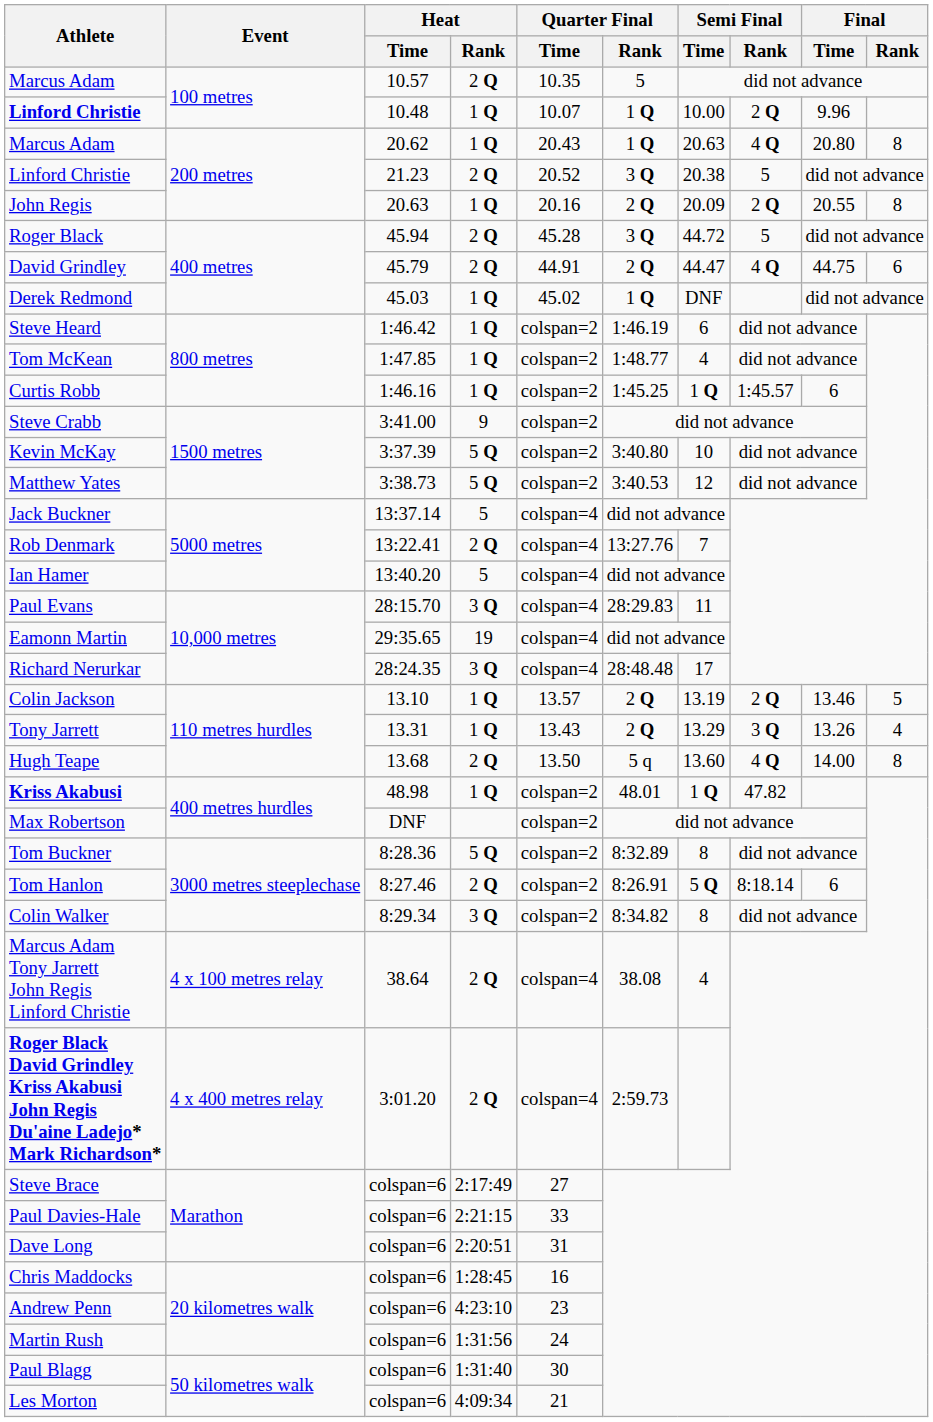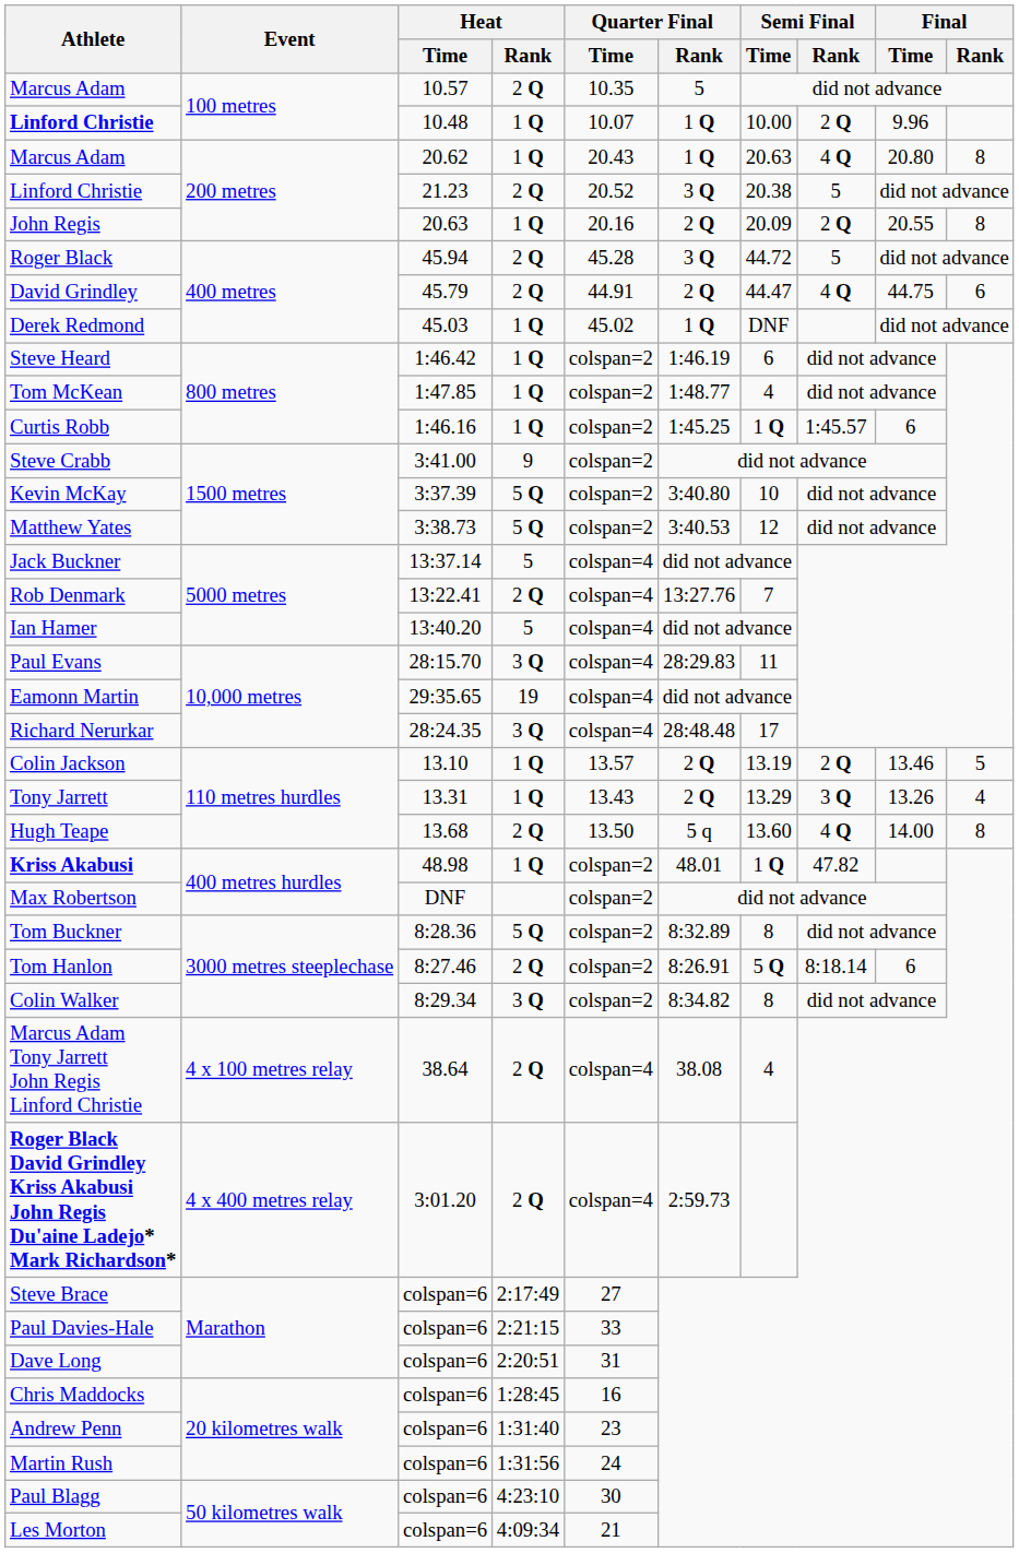 <table class=wikitable style="font-size:90%">
 <tr>
 <th rowspan="2">Athlete</th>
 <th rowspan="2">Event</th>
 <th colspan="2">Heat</th>
 <th colspan="2">Quarter Final</th>
 <th colspan="2">Semi Final</th>
 <th colspan="2">Final</th>
 </tr>
 <tr>
 <th>Time</th>
 <th>Rank</th>
 <th>Time</th>
 <th>Rank</th>
 <th>Time</th>
 <th>Rank</th>
 <th>Time</th>
 <th>Rank</th>
 </tr>
 <tr style="text-align:center">
 <td style="text-align:left"><a href='#'>Marcus Adam</a></td>
 <td style="text-align:left" rowspan=2><a href='#'>100 metres</a></td>
 <td>10.57</td>
 <td>2 <strong>Q</strong></td>
 <td>10.35</td>
 <td>5</td>
 <td colspan=4>did not advance</td>
 </tr>
 <tr style="text-align:center">
 <td style="text-align:left"><strong><a href='#'>Linford Christie</a></strong></td>
 <td>10.48</td>
 <td>1 <strong>Q</strong></td>
 <td>10.07</td>
 <td>1 <strong>Q</strong></td>
 <td>10.00</td>
 <td>2 <strong>Q</strong></td>
 <td>9.96</td>
 <td></td>
 </tr>
 <tr style="text-align:center">
 <td style="text-align:left"><a href='#'>Marcus Adam</a></td>
 <td style="text-align:left" rowspan=3><a href='#'>200 metres</a></td>
 <td>20.62</td>
 <td>1 <strong>Q</strong></td>
 <td>20.43</td>
 <td>1 <strong>Q</strong></td>
 <td>20.63</td>
 <td>4 <strong>Q</strong></td>
 <td>20.80</td>
 <td>8</td>
 </tr>
 <tr style="text-align:center">
 <td style="text-align:left"><a href='#'>Linford Christie</a></td>
 <td>21.23</td>
 <td>2 <strong>Q</strong></td>
 <td>20.52</td>
 <td>3 <strong>Q</strong></td>
 <td>20.38</td>
 <td>5</td>
 <td colspan=2>did not advance</td>
 </tr>
 <tr style="text-align:center">
 <td style="text-align:left"><a href='#'>John Regis</a></td>
 <td>20.63</td>
 <td>1 <strong>Q</strong></td>
 <td>20.16</td>
 <td>2 <strong>Q</strong></td>
 <td>20.09</td>
 <td>2 <strong>Q</strong></td>
 <td>20.55</td>
 <td>8</td>
 </tr>
 <tr style="text-align:center">
 <td style="text-align:left"><a href='#'>Roger Black</a></td>
 <td style="text-align:left" rowspan=3><a href='#'>400 metres</a></td>
 <td>45.94</td>
 <td>2 <strong>Q</strong></td>
 <td>45.28</td>
 <td>3 <strong>Q</strong></td>
 <td>44.72</td>
 <td>5</td>
 <td colspan=2>did not advance</td>
 </tr>
 <tr style="text-align:center">
 <td style="text-align:left"><a href='#'>David Grindley</a></td>
 <td>45.79</td>
 <td>2 <strong>Q</strong></td>
 <td>44.91</td>
 <td>2 <strong>Q</strong></td>
 <td>44.47</td>
 <td>4 <strong>Q</strong></td>
 <td>44.75</td>
 <td>6</td>
 </tr>
 <tr style="text-align:center">
 <td style="text-align:left"><a href='#'>Derek Redmond</a></td>
 <td>45.03</td>
 <td>1 <strong>Q</strong></td>
 <td>45.02</td>
 <td>1 <strong>Q</strong></td>
 <td>DNF</td>
 <td></td>
 <td colspan=2>did not advance</td>
 </tr>
 <tr style="text-align:center">
 <td style="text-align:left"><a href='#'>Steve Heard</a></td>
 <td style="text-align:left" rowspan=3><a href='#'>800 metres</a></td>
 <td>1:46.42</td>
 <td>1 <strong>Q</strong></td>
 <td>colspan=2</td>
 <td>1:46.19</td>
 <td>6</td>
 <td colspan=2>did not advance</td>
 </tr>
 <tr style="text-align:center">
 <td style="text-align:left"><a href='#'>Tom McKean</a></td>
 <td>1:47.85</td>
 <td>1 <strong>Q</strong></td>
 <td>colspan=2</td>
 <td>1:48.77</td>
 <td>4</td>
 <td colspan=2>did not advance</td>
 </tr>
 <tr style="text-align:center">
 <td style="text-align:left"><a href='#'>Curtis Robb</a></td>
 <td>1:46.16</td>
 <td>1 <strong>Q</strong></td>
 <td>colspan=2</td>
 <td>1:45.25</td>
 <td>1 <strong>Q</strong></td>
 <td>1:45.57</td>
 <td>6</td>
 </tr>
 <tr style="text-align:center">
 <td style="text-align:left"><a href='#'>Steve Crabb</a></td>
 <td style="text-align:left" rowspan=3><a href='#'>1500 metres</a></td>
 <td>3:41.00</td>
 <td>9</td>
 <td>colspan=2</td>
 <td colspan=4>did not advance</td>
 </tr>
 <tr style="text-align:center">
 <td style="text-align:left"><a href='#'>Kevin McKay</a></td>
 <td>3:37.39</td>
 <td>5 <strong>Q</strong></td>
 <td>colspan=2</td>
 <td>3:40.80</td>
 <td>10</td>
 <td colspan=2>did not advance</td>
 </tr>
 <tr style="text-align:center">
 <td style="text-align:left"><a href='#'>Matthew Yates</a></td>
 <td>3:38.73</td>
 <td>5 <strong>Q</strong></td>
 <td>colspan=2</td>
 <td>3:40.53</td>
 <td>12</td>
 <td colspan=2>did not advance</td>
 </tr>
 <tr style="text-align:center">
 <td style="text-align:left"><a href='#'>Jack Buckner</a></td>
 <td style="text-align:left" rowspan=3><a href='#'>5000 metres</a></td>
 <td>13:37.14</td>
 <td>5</td>
 <td>colspan=4</td>
 <td colspan=2>did not advance</td>
 </tr>
 <tr style="text-align:center">
 <td style="text-align:left"><a href='#'>Rob Denmark</a></td>
 <td>13:22.41</td>
 <td>2 <strong>Q</strong></td>
 <td>colspan=4</td>
 <td>13:27.76</td>
 <td>7</td>
 </tr>
 <tr style="text-align:center">
 <td style="text-align:left"><a href='#'>Ian Hamer</a></td>
 <td>13:40.20</td>
 <td>5</td>
 <td>colspan=4</td>
 <td colspan=2>did not advance</td>
 </tr>
 <tr style="text-align:center">
 <td style="text-align:left"><a href='#'>Paul Evans</a></td>
 <td style="text-align:left" rowspan=3><a href='#'>10,000 metres</a></td>
 <td>28:15.70</td>
 <td>3 <strong>Q</strong></td>
 <td>colspan=4</td>
 <td>28:29.83</td>
 <td>11</td>
 </tr>
 <tr style="text-align:center">
 <td style="text-align:left"><a href='#'>Eamonn Martin</a></td>
 <td>29:35.65</td>
 <td>19</td>
 <td>colspan=4</td>
 <td colspan=2>did not advance</td>
 </tr>
 <tr style="text-align:center">
 <td style="text-align:left"><a href='#'>Richard Nerurkar</a></td>
 <td>28:24.35</td>
 <td>3 <strong>Q</strong></td>
 <td>colspan=4</td>
 <td>28:48.48</td>
 <td>17</td>
 </tr>
 <tr style="text-align:center">
 <td style="text-align:left"><a href='#'>Colin Jackson</a></td>
 <td style="text-align:left" rowspan=3><a href='#'>110 metres hurdles</a></td>
 <td>13.10</td>
 <td>1 <strong>Q</strong></td>
 <td>13.57</td>
 <td>2 <strong>Q</strong></td>
 <td>13.19</td>
 <td>2 <strong>Q</strong></td>
 <td>13.46</td>
 <td>5</td>
 </tr>
 <tr style="text-align:center">
 <td style="text-align:left"><a href='#'>Tony Jarrett</a></td>
 <td>13.31</td>
 <td>1 <strong>Q</strong></td>
 <td>13.43</td>
 <td>2 <strong>Q</strong></td>
 <td>13.29</td>
 <td>3 <strong>Q</strong></td>
 <td>13.26</td>
 <td>4</td>
 </tr>
 <tr style="text-align:center">
 <td style="text-align:left"><a href='#'>Hugh Teape</a></td>
 <td>13.68</td>
 <td>2 <strong>Q</strong></td>
 <td>13.50</td>
 <td>5 q</td>
 <td>13.60</td>
 <td>4 <strong>Q</strong></td>
 <td>14.00</td>
 <td>8</td>
 </tr>
 <tr style="text-align:center">
 <td style="text-align:left"><strong><a href='#'>Kriss Akabusi</a></strong></td>
 <td style="text-align:left" rowspan=2><a href='#'>400 metres hurdles</a></td>
 <td>48.98</td>
 <td>1 <strong>Q</strong></td>
 <td>colspan=2</td>
 <td>48.01</td>
 <td>1 <strong>Q</strong></td>
 <td>47.82</td>
 <td></td>
 </tr>
 <tr style="text-align:center">
 <td style="text-align:left"><a href='#'>Max Robertson</a></td>
 <td>DNF</td>
 <td></td>
 <td>colspan=2</td>
 <td colspan=4>did not advance</td>
 </tr>
 <tr style="text-align:center">
 <td style="text-align:left"><a href='#'>Tom Buckner</a></td>
 <td style="text-align:left" rowspan=3><a href='#'>3000 metres steeplechase</a></td>
 <td>8:28.36</td>
 <td>5 <strong>Q</strong></td>
 <td>colspan=2</td>
 <td>8:32.89</td>
 <td>8</td>
 <td colspan=2>did not advance</td>
 </tr>
 <tr style="text-align:center">
 <td style="text-align:left"><a href='#'>Tom Hanlon</a></td>
 <td>8:27.46</td>
 <td>2 <strong>Q</strong></td>
 <td>colspan=2</td>
 <td>8:26.91</td>
 <td>5 <strong>Q</strong></td>
 <td>8:18.14</td>
 <td>6</td>
 </tr>
 <tr style="text-align:center">
 <td style="text-align:left"><a href='#'>Colin Walker</a></td>
 <td>8:29.34</td>
 <td>3 <strong>Q</strong></td>
 <td>colspan=2</td>
 <td>8:34.82</td>
 <td>8</td>
 <td colspan=2>did not advance</td>
 </tr>
 <tr style="text-align:center">
 <td style="text-align:left"><a href='#'>Marcus Adam</a><br><a href='#'>Tony Jarrett</a><br><a href='#'>John Regis</a><br><a href='#'>Linford Christie</a></td>
 <td style="text-align:left"><a href='#'>4 x 100 metres relay</a></td>
 <td>38.64</td>
 <td>2 <strong>Q</strong></td>
 <td>colspan=4</td>
 <td>38.08</td>
 <td>4</td>
 </tr>
 <tr style="text-align:center">
 <td style="text-align:left"><strong><a href='#'>Roger Black</a><br><a href='#'>David Grindley</a><br><a href='#'>Kriss Akabusi</a><br><a href='#'>John Regis</a><br><a href='#'>Du'aine Ladejo</a>*<br><a href='#'>Mark Richardson</a>*</strong></td>
 <td style="text-align:left"><a href='#'>4 x 400 metres relay</a></td>
 <td>3:01.20</td>
 <td>2 <strong>Q</strong></td>
 <td>colspan=4</td>
 <td>2:59.73</td>
 <td></td>
 </tr>
 <tr style="text-align:center">
 <td style="text-align:left"><a href='#'>Steve Brace</a></td>
 <td style="text-align:left" rowspan=3><a href='#'>Marathon</a></td>
 <td>colspan=6</td>
 <td>2:17:49</td>
 <td>27</td>
 </tr>
 <tr style="text-align:center">
 <td style="text-align:left"><a href='#'>Paul Davies-Hale</a></td>
 <td>colspan=6</td>
 <td>2:21:15</td>
 <td>33</td>
 </tr>
 <tr style="text-align:center">
 <td style="text-align:left"><a href='#'>Dave Long</a></td>
 <td>colspan=6</td>
 <td>2:20:51</td>
 <td>31</td>
 </tr>
 <tr style="text-align:center">
 <td style="text-align:left"><a href='#'>Chris Maddocks</a></td>
 <td style="text-align:left" rowspan=3><a href='#'>20 kilometres walk</a></td>
 <td>colspan=6</td>
 <td>1:28:45</td>
 <td>16</td>
 </tr>
 <tr style="text-align:center">
 <td style="text-align:left"><a href='#'>Andrew Penn</a></td>
 <td>colspan=6</td>
-<td>4:23:10</td>
+<td>1:31:40</td>
 <td>23</td>
 </tr>
 <tr style="text-align:center">
 <td style="text-align:left"><a href='#'>Martin Rush</a></td>
 <td>colspan=6</td>
 <td>1:31:56</td>
 <td>24</td>
 </tr>
 <tr style="text-align:center">
 <td style="text-align:left"><a href='#'>Paul Blagg</a></td>
 <td style="text-align:left" rowspan=2><a href='#'>50 kilometres walk</a></td>
 <td>colspan=6</td>
-<td>1:31:40</td>
+<td>4:23:10</td>
 <td>30</td>
 </tr>
 <tr style="text-align:center">
 <td style="text-align:left"><a href='#'>Les Morton</a></td>
 <td>colspan=6</td>
 <td>4:09:34</td>
 <td>21</td>
 </tr>
 </table>
